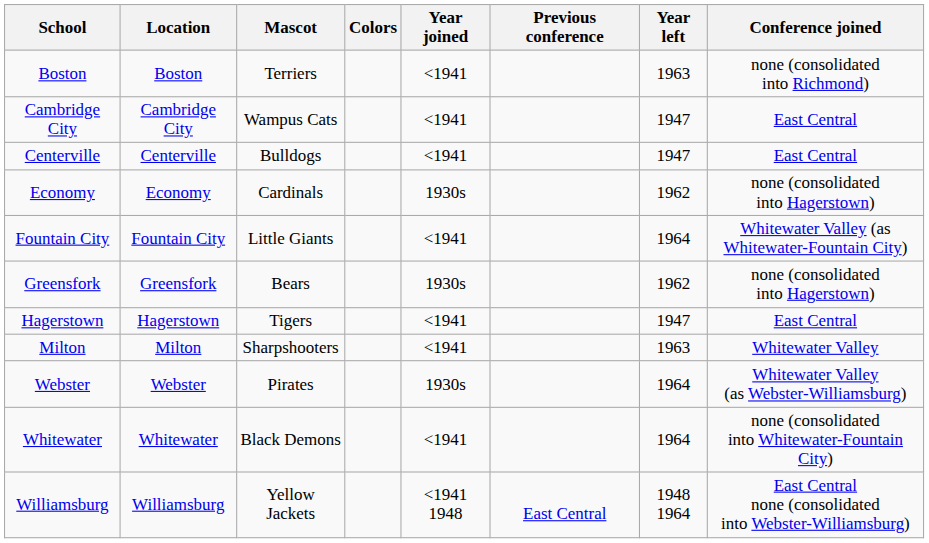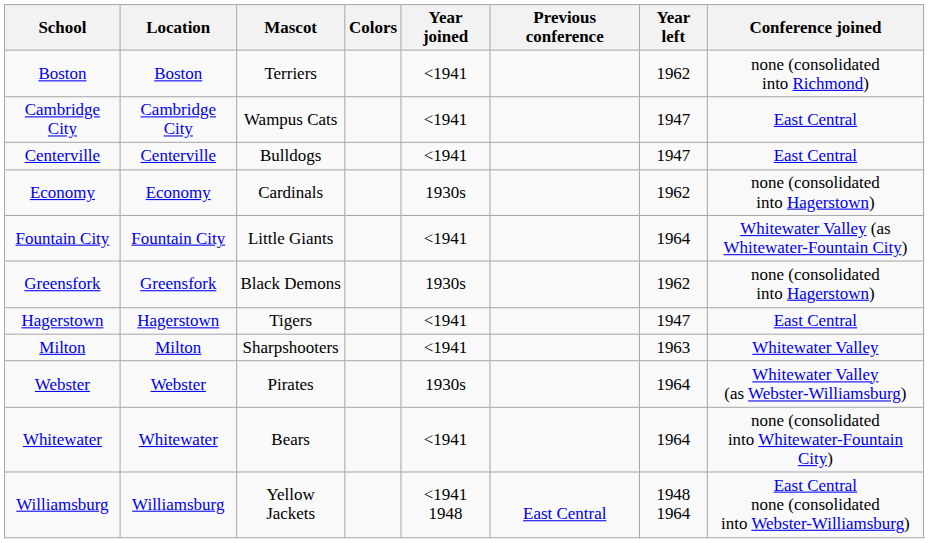 <table class="wikitable" style="text-align:center;">
 <tr>
 <th>School</th>
 <th>Location</th>
 <th>Mascot</th>
 <th>Colors</th>
 <th>Year joined</th>
 <th>Previous conference</th>
 <th>Year left</th>
 <th>Conference joined</th>
 </tr>
 <tr>
 <td><a href='#'>Boston</a></td>
 <td><a href='#'>Boston</a></td>
 <td>Terriers</td>
 <td> </td>
 <td><1941</td>
 <td></td>
-<td>1963</td>
+<td>1962</td>
 <td>none (consolidated<br>into <a href='#'>Richmond</a>)</td>
 </tr>
 <tr>
 <td><a href='#'>Cambridge City</a></td>
 <td><a href='#'>Cambridge City</a></td>
 <td>Wampus Cats</td>
 <td> </td>
 <td><1941</td>
 <td></td>
 <td>1947</td>
 <td><a href='#'>East Central</a></td>
 </tr>
 <tr>
 <td><a href='#'>Centerville</a></td>
 <td><a href='#'>Centerville</a></td>
 <td>Bulldogs</td>
 <td> </td>
 <td><1941</td>
 <td></td>
 <td>1947</td>
 <td><a href='#'>East Central</a></td>
 </tr>
 <tr>
 <td><a href='#'>Economy</a></td>
 <td><a href='#'>Economy</a></td>
 <td>Cardinals</td>
 <td> </td>
 <td>1930s</td>
 <td></td>
 <td>1962</td>
 <td>none (consolidated<br>into <a href='#'>Hagerstown</a>)</td>
 </tr>
 <tr>
 <td><a href='#'>Fountain City</a></td>
 <td><a href='#'>Fountain City</a></td>
 <td>Little Giants</td>
 <td> </td>
 <td><1941</td>
 <td></td>
 <td>1964</td>
 <td><a href='#'>Whitewater Valley</a> (as<br><a href='#'>Whitewater-Fountain City</a>)</td>
 </tr>
 <tr>
 <td><a href='#'>Greensfork</a></td>
 <td><a href='#'>Greensfork</a></td>
-<td>Bears</td>
+<td>Black Demons</td>
 <td> </td>
 <td>1930s</td>
 <td></td>
 <td>1962</td>
 <td>none (consolidated<br>into <a href='#'>Hagerstown</a>)</td>
 </tr>
 <tr>
 <td><a href='#'>Hagerstown</a></td>
 <td><a href='#'>Hagerstown</a></td>
 <td>Tigers</td>
 <td> </td>
 <td><1941</td>
 <td></td>
 <td>1947</td>
 <td><a href='#'>East Central</a></td>
 </tr>
 <tr>
 <td><a href='#'>Milton</a></td>
 <td><a href='#'>Milton</a></td>
 <td>Sharpshooters</td>
 <td> </td>
 <td><1941</td>
 <td></td>
 <td>1963</td>
 <td><a href='#'>Whitewater Valley</a></td>
 </tr>
 <tr>
 <td><a href='#'>Webster</a></td>
 <td><a href='#'>Webster</a></td>
 <td>Pirates</td>
 <td> </td>
 <td>1930s</td>
 <td></td>
 <td>1964</td>
 <td><a href='#'>Whitewater Valley</a><br>(as <a href='#'>Webster-Williamsburg</a>)</td>
 </tr>
 <tr>
 <td><a href='#'>Whitewater</a></td>
 <td><a href='#'>Whitewater</a></td>
-<td>Black Demons</td>
+<td>Bears</td>
 <td> </td>
 <td><1941</td>
 <td></td>
 <td>1964</td>
 <td>none (consolidated<br>into <a href='#'>Whitewater-Fountain City</a>)</td>
 </tr>
 <tr>
 <td><a href='#'>Williamsburg</a></td>
 <td><a href='#'>Williamsburg</a></td>
 <td>Yellow Jackets</td>
 <td> </td>
 <td><1941<br>1948</td>
 <td><br><a href='#'>East Central</a></td>
 <td>1948<br>1964</td>
 <td><a href='#'>East Central</a><br>none (consolidated<br>into <a href='#'>Webster-Williamsburg</a>)</td>
 </tr>
 </table>
